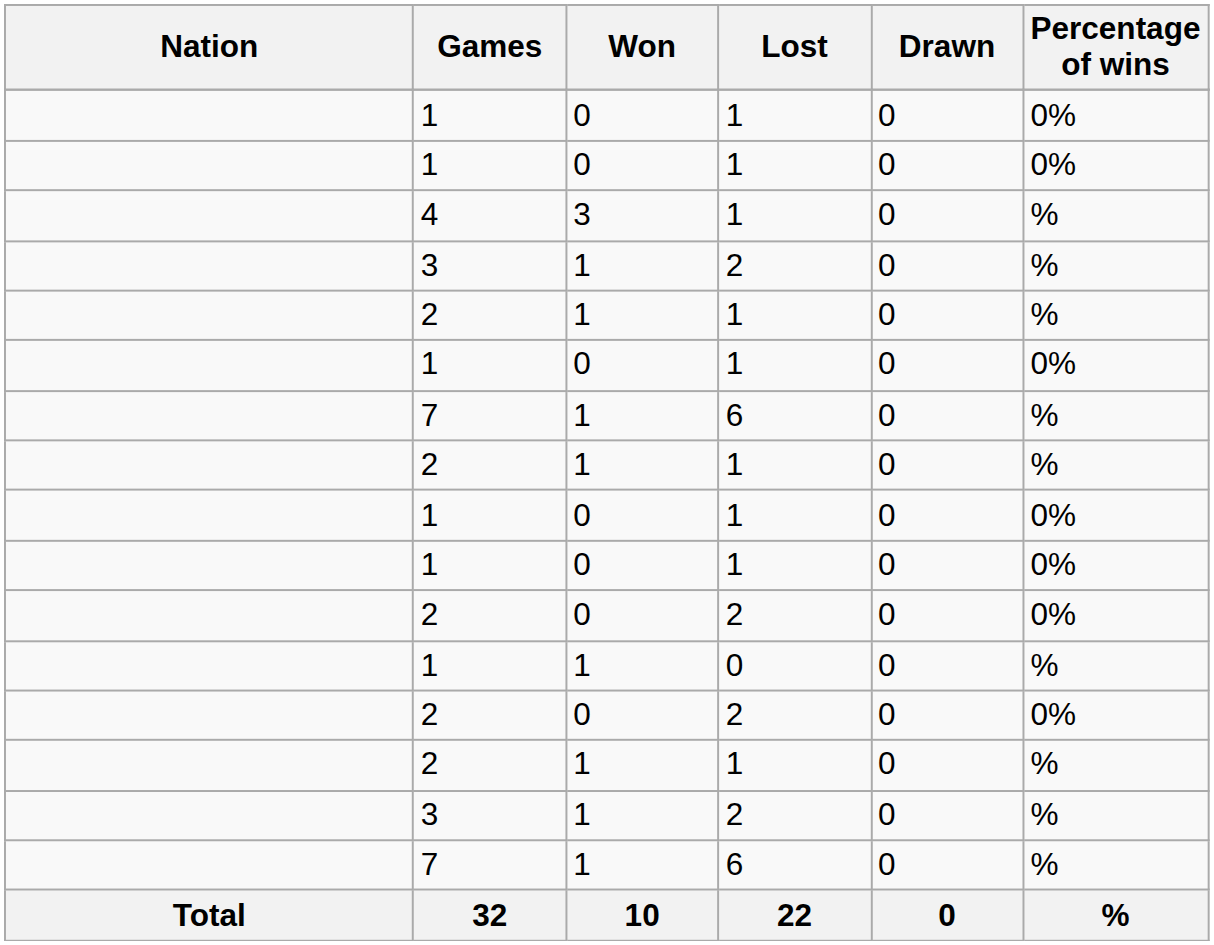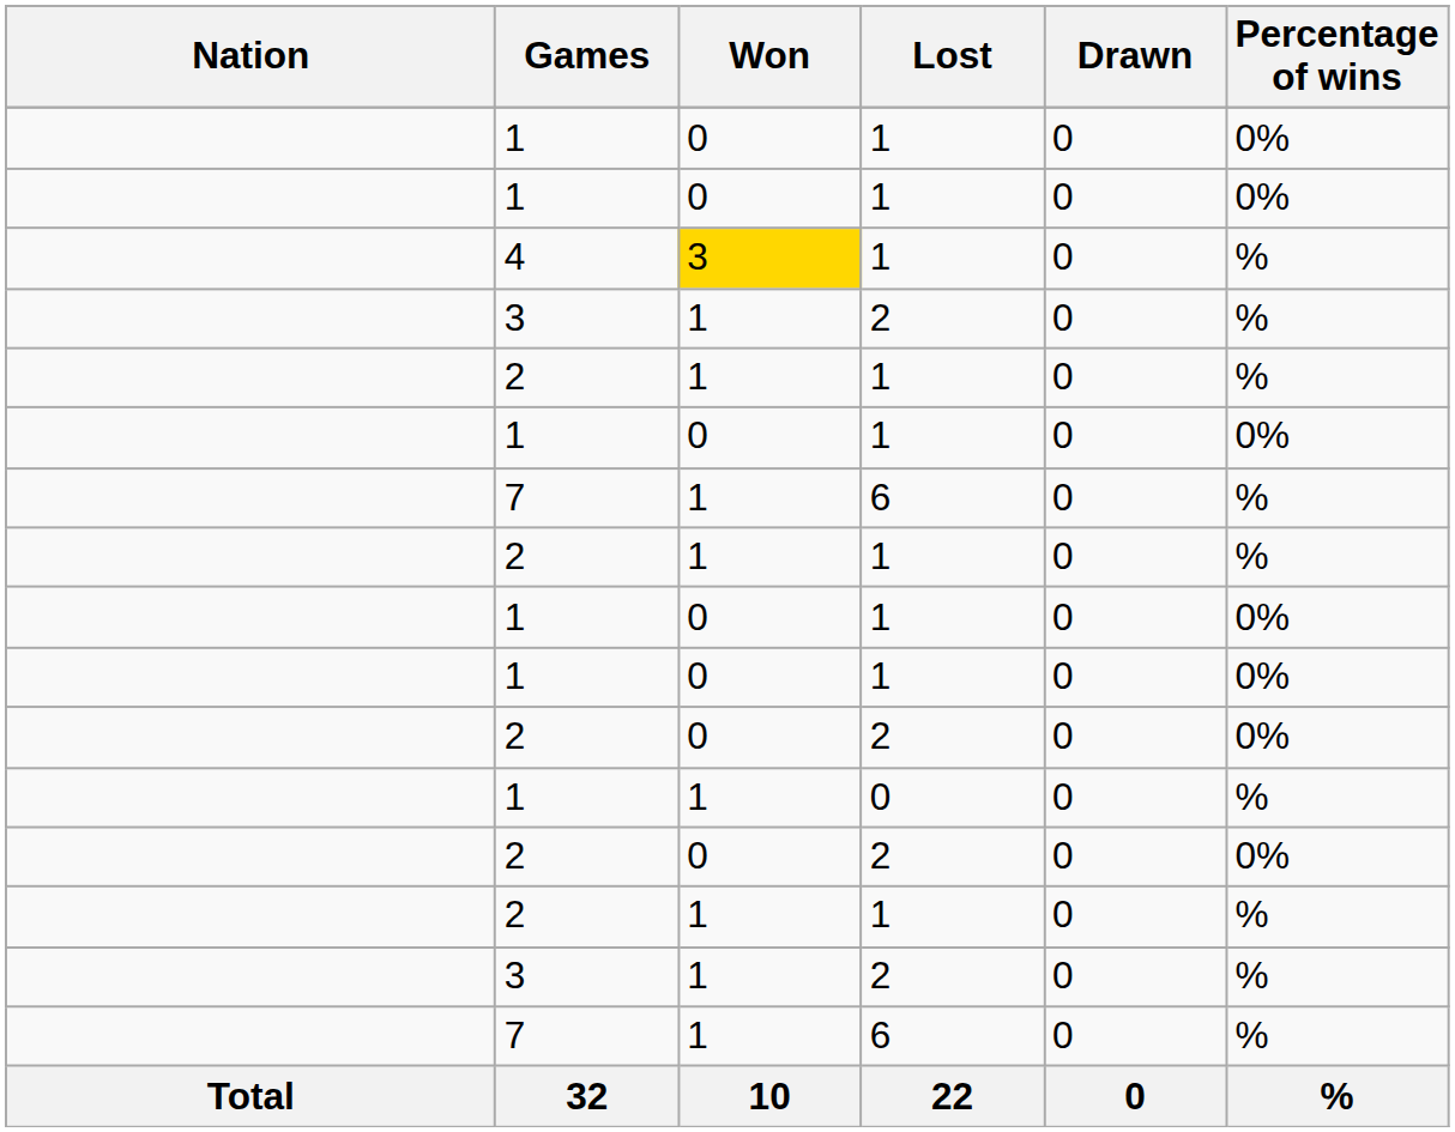 <table class="wikitable sortable">
 <tr>
 <th width="200">Nation</th>
 <th width="70">Games</th>
 <th width="70">Won</th>
 <th width="70">Lost</th>
 <th width="70">Drawn</th>
 <th width="70">Percentage of wins</th>
 </tr>
 <tr bgcolor="#d0ffd0" align="center">
 </tr>
 <tr>
 <td align="left"></td>
 <td>1</td>
 <td>0</td>
 <td>1</td>
 <td>0</td>
 <td>0%</td>
 </tr>
 <tr>
 <td align="left"></td>
 <td>1</td>
 <td>0</td>
 <td>1</td>
 <td>0</td>
 <td>0%</td>
 </tr>
 <tr>
 <td align="left"></td>
 <td>4</td>
-<td>3</td>
+<td style="background: gold;">3</td>
 <td>1</td>
 <td>0</td>
 <td>%</td>
 </tr>
 <tr>
 <td align="left"></td>
 <td>3</td>
 <td>1</td>
 <td>2</td>
 <td>0</td>
 <td>%</td>
 </tr>
 <tr>
 <td align="left"></td>
 <td>2</td>
 <td>1</td>
 <td>1</td>
 <td>0</td>
 <td>%</td>
 </tr>
 <tr>
 <td align="left"></td>
 <td>1</td>
 <td>0</td>
 <td>1</td>
 <td>0</td>
 <td>0%</td>
 </tr>
 <tr>
 <td align="left"></td>
 <td>7</td>
 <td>1</td>
 <td>6</td>
 <td>0</td>
 <td>%</td>
 </tr>
 <tr>
 <td align="left"></td>
 <td>2</td>
 <td>1</td>
 <td>1</td>
 <td>0</td>
 <td>%</td>
 </tr>
 <tr>
 <td align="left"></td>
 <td>1</td>
 <td>0</td>
 <td>1</td>
 <td>0</td>
 <td>0%</td>
 </tr>
 <tr>
 <td align="left"></td>
 <td>1</td>
 <td>0</td>
 <td>1</td>
 <td>0</td>
 <td>0%</td>
 </tr>
 <tr>
 <td align="left"></td>
 <td>2</td>
 <td>0</td>
 <td>2</td>
 <td>0</td>
 <td>0%</td>
 </tr>
 <tr>
 <td align="left"></td>
 <td>1</td>
 <td>1</td>
 <td>0</td>
 <td>0</td>
 <td>%</td>
 </tr>
 <tr>
 <td align="left"></td>
 <td>2</td>
 <td>0</td>
 <td>2</td>
 <td>0</td>
 <td>0%</td>
 </tr>
 <tr>
 <td align="left"></td>
 <td>2</td>
 <td>1</td>
 <td>1</td>
 <td>0</td>
 <td>%</td>
 </tr>
 <tr>
 <td align="left"></td>
 <td>3</td>
 <td>1</td>
 <td>2</td>
 <td>0</td>
 <td>%</td>
 </tr>
 <tr>
 <td align="left"></td>
 <td>7</td>
 <td>1</td>
 <td>6</td>
 <td>0</td>
 <td>%</td>
 </tr>
 <tr>
 <th>Total</th>
 <th><strong>32</strong></th>
 <th><strong>10</strong></th>
 <th><strong>22</strong></th>
 <th><strong>0</strong></th>
 <th><strong>%</strong></th>
 </tr>
 </table>
